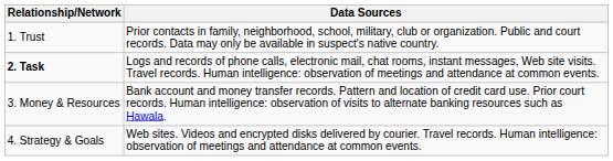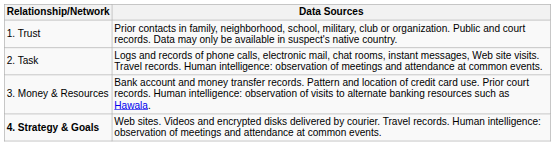 <table class="wikitable">
 <tr>
 <th>Relationship/Network</th>
 <th>Data Sources</th>
 </tr>
 <tr>
 <td>1. Trust</td>
 <td>Prior contacts in family, neighborhood, school, military, club or organization. Public and court records. Data may only be available in suspect's native country.</td>
 </tr>
 <tr>
-<td><strong>2. Task</strong></td>
+<td>2. Task</td>
 <td>Logs and records of phone calls, electronic mail, chat rooms, instant messages, Web site visits. Travel records. Human intelligence: observation of meetings and attendance at common events.</td>
 </tr>
 <tr>
 <td>3. Money & Resources</td>
 <td>Bank account and money transfer records. Pattern and location of credit card use. Prior court records. Human intelligence: observation of visits to alternate banking resources such as <a href='#'>Hawala</a>.</td>
 </tr>
 <tr>
-<td>4. Strategy & Goals</td>
+<td><strong>4. Strategy & Goals</strong></td>
 <td>Web sites. Videos and encrypted disks delivered by courier. Travel records. Human intelligence: observation of meetings and attendance at common events.</td>
 </tr>
 </table>
